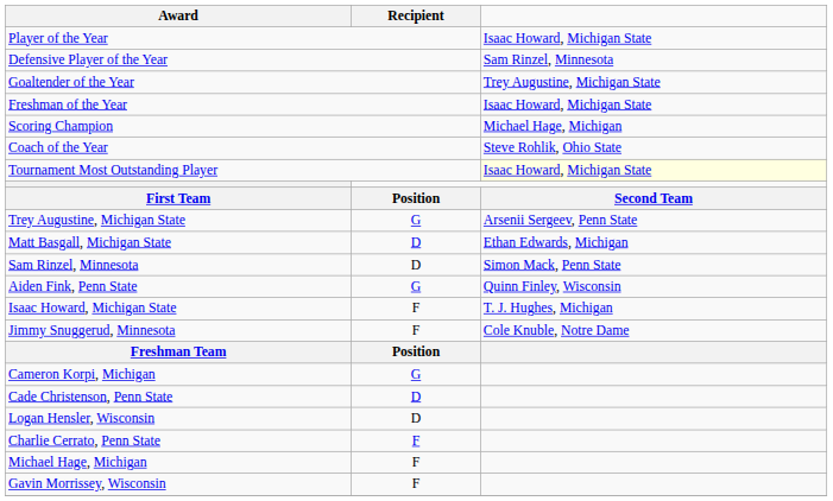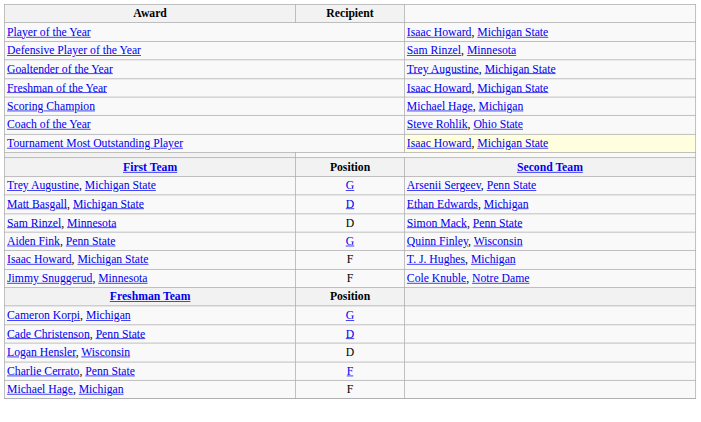 <table class="wikitable" width=75%>
 <tr>
 <th>Award</th>
 <th>Recipient </th>
 </tr>
 <tr>
 <td colspan=2><a href='#'>Player of the Year</a></td>
 <td><a href='#'>Isaac Howard</a>, <a href='#'>Michigan State</a></td>
 </tr>
 <tr>
 <td colspan=2><a href='#'>Defensive Player of the Year</a></td>
 <td><a href='#'>Sam Rinzel</a>, <a href='#'>Minnesota</a></td>
 </tr>
 <tr>
 <td colspan=2><a href='#'>Goaltender of the Year</a></td>
 <td><a href='#'>Trey Augustine</a>, <a href='#'>Michigan State</a></td>
 </tr>
 <tr>
 <td colspan=2><a href='#'>Freshman of the Year</a></td>
 <td><a href='#'>Isaac Howard</a>, <a href='#'>Michigan State</a></td>
 </tr>
 <tr>
 <td colspan=2><a href='#'>Scoring Champion</a></td>
 <td><a href='#'>Michael Hage</a>, <a href='#'>Michigan</a></td>
 </tr>
 <tr>
 <td colspan=2><a href='#'>Coach of the Year</a></td>
 <td><a href='#'>Steve Rohlik</a>, <a href='#'>Ohio State</a></td>
 </tr>
 <tr>
 <td colspan=2><a href='#'>Tournament Most Outstanding Player</a></td>
 <td style="background: lightyellow;"><a href='#'>Isaac Howard</a>, <a href='#'>Michigan State</a></td>
 </tr>
 <tr>
 <th><a href='#'></a></th>
 </tr>
 <tr>
 <th><a href='#'>First Team</a></th>
 <th>  Position  </th>
 <th><a href='#'>Second Team</a></th>
 </tr>
 <tr>
 <td><a href='#'>Trey Augustine</a>, <a href='#'>Michigan State</a></td>
 <td align=center><a href='#'>G</a></td>
 <td><a href='#'>Arsenii Sergeev</a>, <a href='#'>Penn State</a></td>
 </tr>
 <tr>
 <td><a href='#'>Matt Basgall</a>, <a href='#'>Michigan State</a></td>
 <td align=center><a href='#'>D</a></td>
 <td><a href='#'>Ethan Edwards</a>, <a href='#'>Michigan</a></td>
 </tr>
 <tr>
 <td><a href='#'>Sam Rinzel</a>, <a href='#'>Minnesota</a></td>
 <td align=center>D</td>
 <td><a href='#'>Simon Mack</a>, <a href='#'>Penn State</a></td>
 </tr>
 <tr>
 <td><a href='#'>Aiden Fink</a>, <a href='#'>Penn State</a></td>
 <td align=center><a href='#'>G</a></td>
 <td><a href='#'>Quinn Finley</a>, <a href='#'>Wisconsin</a></td>
 </tr>
 <tr>
 <td><a href='#'>Isaac Howard</a>, <a href='#'>Michigan State</a></td>
 <td align=center>F</td>
 <td><a href='#'>T. J. Hughes</a>, <a href='#'>Michigan</a></td>
 </tr>
 <tr>
 <td><a href='#'>Jimmy Snuggerud</a>, <a href='#'>Minnesota</a></td>
 <td align=center>F</td>
 <td><a href='#'>Cole Knuble</a>, <a href='#'>Notre Dame</a></td>
 </tr>
 <tr>
 <th><a href='#'>Freshman Team</a></th>
 <th>  Position  </th>
 <th></th>
 </tr>
 <tr>
 <td><a href='#'>Cameron Korpi</a>, <a href='#'>Michigan</a></td>
 <td align=center><a href='#'>G</a></td>
 <td></td>
 </tr>
 <tr>
 <td><a href='#'>Cade Christenson</a>, <a href='#'>Penn State</a></td>
 <td align=center><a href='#'>D</a></td>
 <td></td>
 </tr>
 <tr>
 <td><a href='#'>Logan Hensler</a>, <a href='#'>Wisconsin</a></td>
 <td align=center>D</td>
 <td></td>
 </tr>
 <tr>
 <td><a href='#'>Charlie Cerrato</a>, <a href='#'>Penn State</a></td>
 <td align=center><a href='#'>F</a></td>
 <td></td>
 </tr>
 <tr>
 <td><a href='#'>Michael Hage</a>, <a href='#'>Michigan</a></td>
 <td align=center>F</td>
 <td></td>
 </tr>
 <tr>
-<td><a href='#'>Gavin Morrissey</a>, <a href='#'>Wisconsin</a></td>
-<td align=center>F</td>
-<td></td>
-</tr>
-<tr>
 </tr>
 </table>
